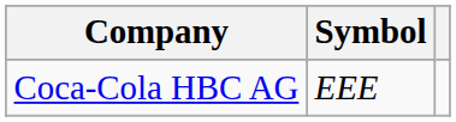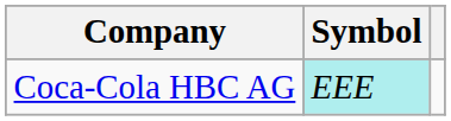 <table class="wikitable">
 <tr>
 <th>Company</th>
 <th>Symbol</th>
 <th></th>
 </tr>
 <tr>
 <td><a href='#'>Coca-Cola HBC AG</a></td>
-<td><em>ΕΕΕ</em></td>
+<td style="background: paleturquoise;"><em>ΕΕΕ</em></td>
 </tr>
 </table>
